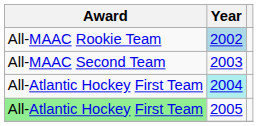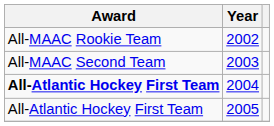 <table class="wikitable">
 <tr>
 <th>Award</th>
 <th>Year</th>
 <th></th>
 </tr>
 <tr>
 <td>All-<a href='#'>MAAC</a> <a href='#'>Rookie Team</a></td>
-<td style="background: lightblue;"><a href='#'>2002</a></td>
+<td><a href='#'>2002</a></td>
 <td></td>
 </tr>
 <tr>
 <td>All-<a href='#'>MAAC</a> <a href='#'>Second Team</a></td>
 <td><a href='#'>2003</a></td>
 <td></td>
 </tr>
 <tr>
-<td>All-<a href='#'>Atlantic Hockey</a> <a href='#'>First Team</a></td>
-<td style="background: paleturquoise;"><a href='#'>2004</a></td>
+<td><strong>All-<a href='#'>Atlantic Hockey</a> <a href='#'>First Team</a></strong></td>
+<td><a href='#'>2004</a></td>
 <td></td>
 </tr>
 <tr>
-<td style="background: lightgreen;">All-<a href='#'>Atlantic Hockey</a> <a href='#'>First Team</a></td>
+<td>All-<a href='#'>Atlantic Hockey</a> <a href='#'>First Team</a></td>
 <td><a href='#'>2005</a></td>
 <td></td>
 </tr>
 <tr>
 </tr>
 </table>
